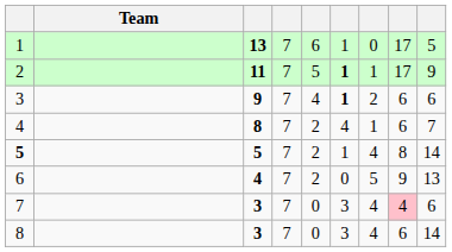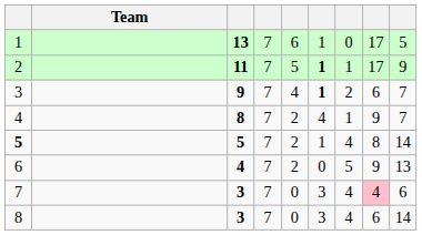 <table class="wikitable" style="text-align: center;">
 <tr>
 <th width="20"></th>
 <th width="190">Team</th>
 <th width="20"></th>
 <th width="20"></th>
 <th width="20"></th>
 <th width="20"></th>
 <th width="20"></th>
 <th width="20"></th>
 <th width="20"></th>
 </tr>
 <tr bgcolor=ccffcc>
 <td>1</td>
 <td style="text-align:left;"></td>
 <td><strong>13</strong></td>
 <td>7</td>
 <td>6</td>
 <td>1</td>
 <td>0</td>
 <td>17</td>
 <td>5</td>
 </tr>
 <tr bgcolor=ccffcc>
 <td>2</td>
 <td style="text-align:left;"></td>
 <td><strong>11</strong></td>
 <td>7</td>
 <td>5</td>
 <td><strong>1</strong></td>
 <td>1</td>
 <td>17</td>
 <td>9</td>
 </tr>
 <tr>
 <td>3</td>
 <td style="text-align:left;"></td>
 <td><strong>9</strong></td>
 <td>7</td>
 <td>4</td>
 <td><strong>1</strong></td>
 <td>2</td>
 <td>6</td>
-<td>6</td>
+<td>7</td>
 </tr>
 <tr>
 <td>4</td>
 <td style="text-align:left;"></td>
 <td><strong>8</strong></td>
 <td>7</td>
 <td>2</td>
 <td>4</td>
 <td>1</td>
-<td>6</td>
+<td>9</td>
 <td>7</td>
 </tr>
 <tr>
 <td><strong>5</strong></td>
 <td style="text-align:left;"></td>
 <td><strong>5</strong></td>
 <td>7</td>
 <td>2</td>
 <td>1</td>
 <td>4</td>
 <td>8</td>
 <td>14</td>
 </tr>
 <tr>
 <td>6</td>
 <td style="text-align:left;"></td>
 <td><strong>4</strong></td>
 <td>7</td>
 <td>2</td>
 <td>0</td>
 <td>5</td>
 <td>9</td>
 <td>13</td>
 </tr>
 <tr>
 <td>7</td>
 <td style="text-align:left;"></td>
 <td><strong>3</strong></td>
 <td>7</td>
 <td>0</td>
 <td>3</td>
 <td>4</td>
 <td style="background: pink;">4</td>
 <td>6</td>
 </tr>
 <tr>
 <td>8</td>
 <td style="text-align:left;"></td>
 <td><strong>3</strong></td>
 <td>7</td>
 <td>0</td>
 <td>3</td>
 <td>4</td>
 <td>6</td>
 <td>14</td>
 </tr>
 </table>
